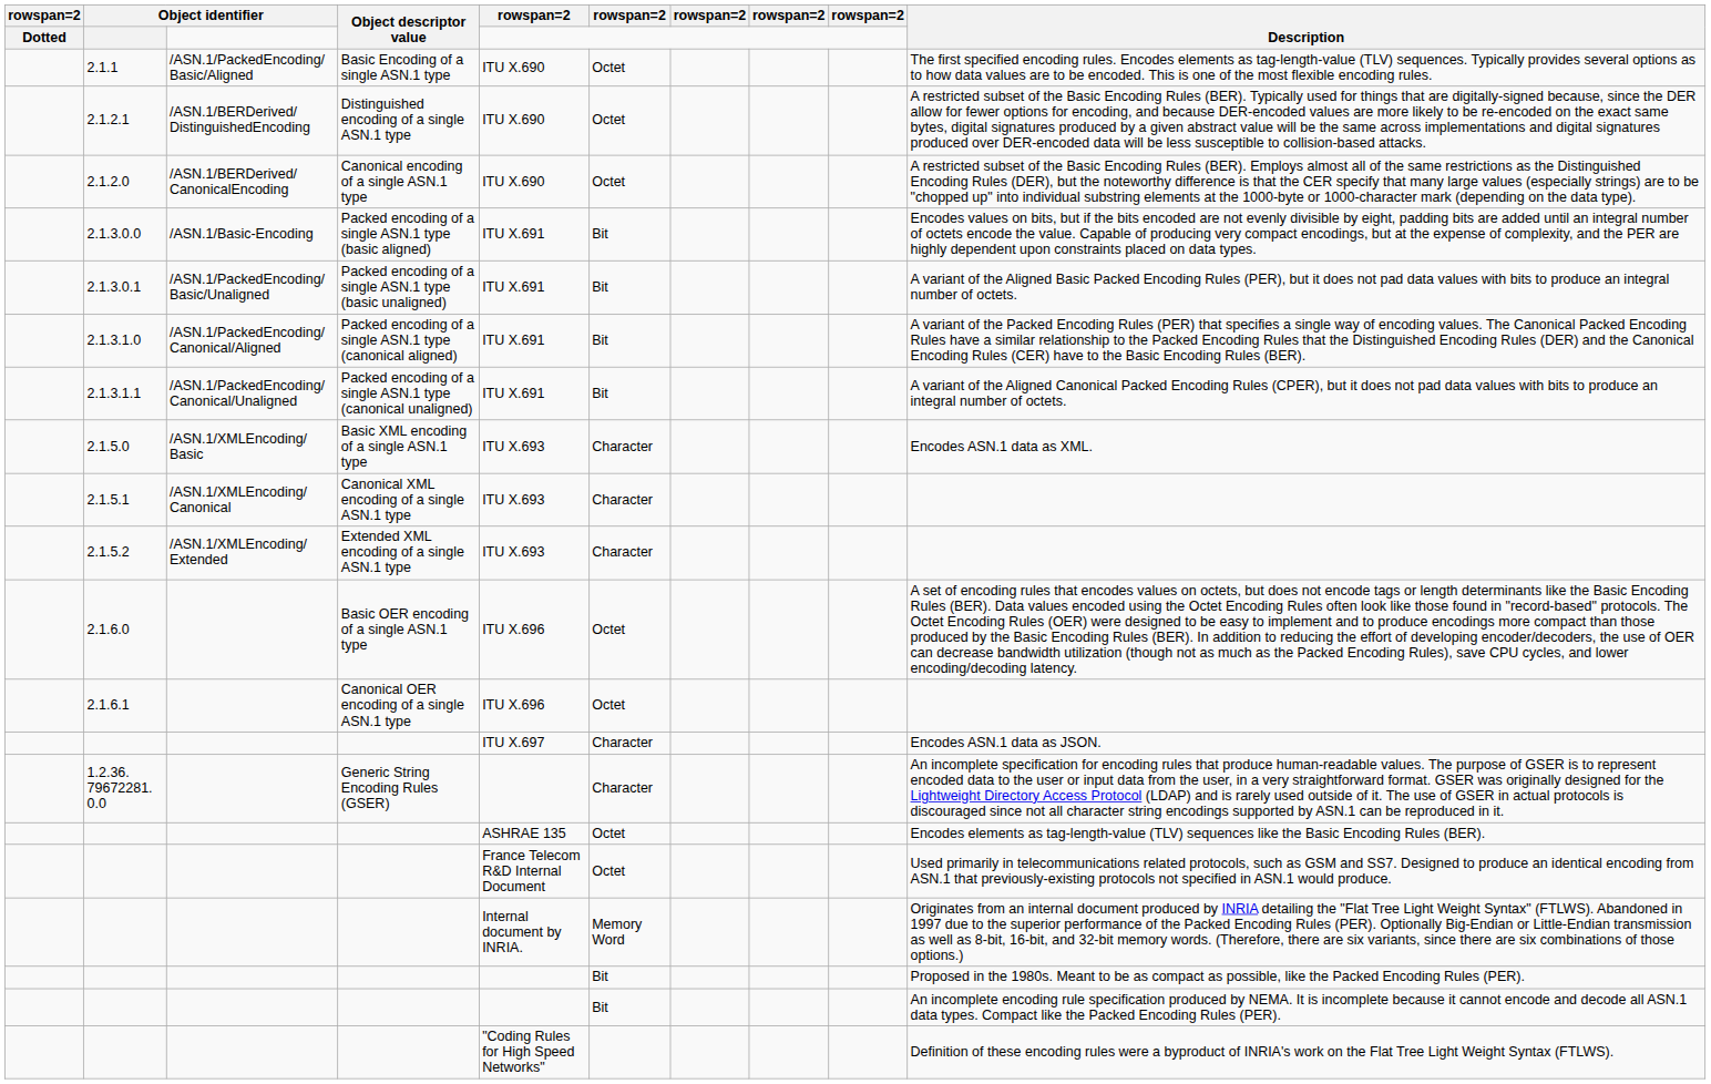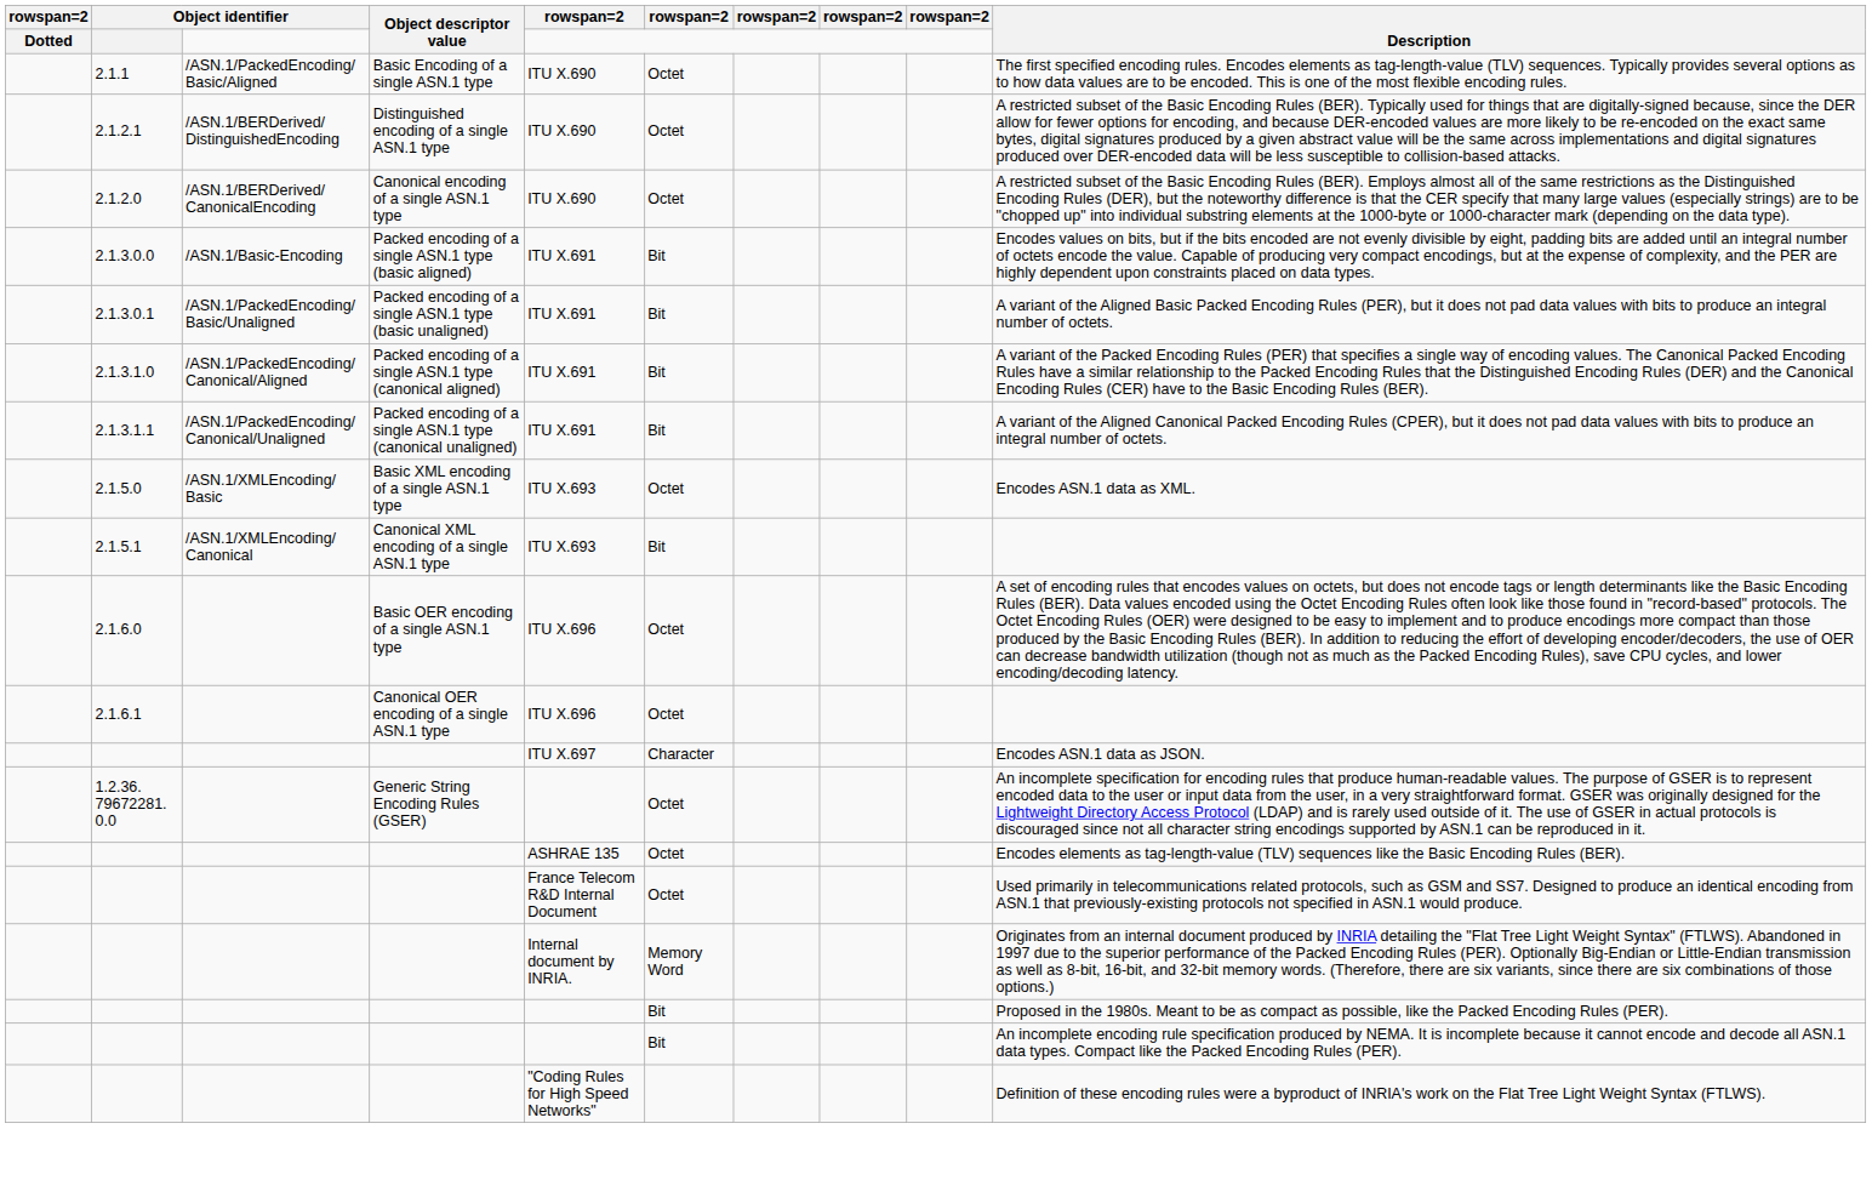 <table class="wikitable">
 <tr style="vertical-align:bottom;">
 <th>rowspan=2 </th>
 <th colspan=2>Object identifier</th>
 <th rowspan=2>Object descriptor value</th>
 <th>rowspan=2   </th>
 <th>rowspan=2   </th>
 <th>rowspan=2   </th>
 <th>rowspan=2   </th>
 <th>rowspan=2   </th>
 <th rowspan=2>Description</th>
 </tr>
 <tr style="vertical-align:bottom;">
 <th>Dotted</th>
 <th></th>
 </tr>
 <tr>
 <td></td>
 <td>2.1.1</td>
 <td>/ASN.1/<wbr>PackedEncoding/<wbr>Basic/Aligned</td>
 <td>Basic Encoding of a single ASN.1 type</td>
 <td>ITU X.690</td>
 <td>Octet</td>
 <td></td>
 <td></td>
 <td></td>
 <td>The first specified encoding rules. Encodes elements as tag-length-value (TLV) sequences. Typically provides several options as to how data values are to be encoded. This is one of the most flexible encoding rules.</td>
 </tr>
 <tr>
 <td></td>
 <td>2.1.2.1</td>
 <td>/ASN.1/BERDerived/<wbr>DistinguishedEncoding</td>
 <td>Distinguished encoding of a single ASN.1 type</td>
 <td>ITU X.690</td>
 <td>Octet</td>
 <td></td>
 <td></td>
 <td></td>
 <td>A restricted subset of the Basic Encoding Rules (BER). Typically used for things that are digitally-signed because, since the DER allow for fewer options for encoding, and because DER-encoded values are more likely to be re-encoded on the exact same bytes, digital signatures produced by a given abstract value will be the same across implementations and digital signatures produced over DER-encoded data will be less susceptible to collision-based attacks.</td>
 </tr>
 <tr>
 <td></td>
 <td>2.1.2.0</td>
 <td>/ASN.1/<wbr>BERDerived/<wbr>CanonicalEncoding</td>
 <td>Canonical encoding of a single ASN.1 type</td>
 <td>ITU X.690</td>
 <td>Octet</td>
 <td></td>
 <td></td>
 <td></td>
 <td>A restricted subset of the Basic Encoding Rules (BER). Employs almost all of the same restrictions as the Distinguished Encoding Rules (DER), but the noteworthy difference is that the CER specify that many large values (especially strings) are to be "chopped up" into individual substring elements at the 1000-byte or 1000-character mark (depending on the data type).</td>
 </tr>
 <tr>
 <td></td>
 <td>2.1.3.0.0</td>
 <td>/ASN.1/Basic-Encoding</td>
 <td>Packed encoding of a single ASN.1 type (basic aligned)</td>
 <td>ITU X.691</td>
 <td>Bit</td>
 <td></td>
 <td></td>
 <td></td>
 <td>Encodes values on bits, but if the bits encoded are not evenly divisible by eight, padding bits are added until an integral number of octets encode the value. Capable of producing very compact encodings, but at the expense of complexity, and the PER are highly dependent upon constraints placed on data types.</td>
 </tr>
 <tr>
 <td></td>
 <td>2.1.3.0.1</td>
 <td>/ASN.1/<wbr>PackedEncoding/<wbr>Basic/Unaligned</td>
 <td>Packed encoding of a single ASN.1 type (basic unaligned)</td>
 <td>ITU X.691</td>
 <td>Bit</td>
 <td></td>
 <td></td>
 <td></td>
 <td>A variant of the Aligned Basic Packed Encoding Rules (PER), but it does not pad data values with bits to produce an integral number of octets.</td>
 </tr>
 <tr>
 <td></td>
 <td>2.1.3.1.0</td>
 <td>/ASN.1/<wbr>PackedEncoding/<wbr>Canonical/Aligned</td>
 <td>Packed encoding of a single ASN.1 type (canonical aligned)</td>
 <td>ITU X.691</td>
 <td>Bit</td>
 <td></td>
 <td></td>
 <td></td>
 <td>A variant of the Packed Encoding Rules (PER) that specifies a single way of encoding values. The Canonical Packed Encoding Rules have a similar relationship to the Packed Encoding Rules that the Distinguished Encoding Rules (DER) and the Canonical Encoding Rules (CER) have to the Basic Encoding Rules (BER).</td>
 </tr>
 <tr>
 <td></td>
 <td>2.1.3.1.1</td>
 <td>/ASN.1/<wbr>PackedEncoding/<wbr>Canonical/Unaligned</td>
 <td>Packed encoding of a single ASN.1 type (canonical unaligned)</td>
 <td>ITU X.691</td>
 <td>Bit</td>
 <td></td>
 <td></td>
 <td></td>
 <td>A variant of the Aligned Canonical Packed Encoding Rules (CPER), but it does not pad data values with bits to produce an integral number of octets.</td>
 </tr>
 <tr>
 <td></td>
 <td>2.1.5.0</td>
 <td>/ASN.1/XMLEncoding/<wbr>Basic</td>
 <td>Basic XML encoding of a single ASN.1 type</td>
 <td>ITU X.693</td>
-<td>Character</td>
+<td>Octet</td>
 <td></td>
 <td></td>
 <td></td>
 <td>Encodes ASN.1 data as XML.</td>
 </tr>
 <tr>
 <td></td>
 <td>2.1.5.1</td>
 <td>/ASN.1/XMLEncoding/<wbr>Canonical</td>
 <td>Canonical XML encoding of a single ASN.1 type</td>
 <td>ITU X.693</td>
-<td>Character</td>
-<td></td>
-<td></td>
-<td></td>
-<td></td>
-</tr>
-<tr>
-<td></td>
-<td>2.1.5.2</td>
-<td>/ASN.1/XMLEncoding/<wbr>Extended</td>
-<td>Extended XML encoding of a single ASN.1 type</td>
-<td>ITU X.693</td>
-<td>Character</td>
+<td>Bit</td>
 <td></td>
 <td></td>
 <td></td>
 <td></td>
 </tr>
 <tr>
 <td></td>
 <td>2.1.6.0</td>
 <td></td>
 <td>Basic OER encoding of a single ASN.1 type</td>
 <td>ITU X.696</td>
 <td>Octet</td>
 <td></td>
 <td></td>
 <td></td>
 <td>A set of encoding rules that encodes values on octets, but does not encode tags or length determinants like the Basic Encoding Rules (BER). Data values encoded using the Octet Encoding Rules often look like those found in "record-based" protocols. The Octet Encoding Rules (OER) were designed to be easy to implement and to produce encodings more compact than those produced by the Basic Encoding Rules (BER). In addition to reducing the effort of developing encoder/decoders, the use of OER can decrease bandwidth utilization (though not as much as the Packed Encoding Rules), save CPU cycles, and lower encoding/decoding latency.</td>
 </tr>
 <tr>
 <td></td>
 <td>2.1.6.1</td>
 <td></td>
 <td>Canonical OER encoding of a single ASN.1 type</td>
 <td>ITU X.696</td>
 <td>Octet</td>
 <td></td>
 <td></td>
 <td></td>
 <td></td>
 </tr>
 <tr>
 <td></td>
 <td></td>
 <td></td>
 <td></td>
 <td>ITU X.697</td>
 <td>Character</td>
 <td></td>
 <td></td>
 <td></td>
 <td>Encodes ASN.1 data as JSON.</td>
 </tr>
 <tr>
 <td></td>
 <td>1.2.36.<wbr>79672281.<wbr>0.0</td>
 <td></td>
 <td>Generic String Encoding Rules (GSER)</td>
 <td></td>
-<td>Character</td>
+<td>Octet</td>
 <td></td>
 <td></td>
 <td></td>
 <td>An incomplete specification for encoding rules that produce human-readable values. The purpose of GSER is to represent encoded data to the user or input data from the user, in a very straightforward format. GSER was originally designed for the <a href='#'>Lightweight Directory Access Protocol</a> (LDAP) and is rarely used outside of it. The use of GSER in actual protocols is discouraged since not all character string encodings supported by ASN.1 can be reproduced in it.</td>
 </tr>
 <tr>
 <td></td>
 <td></td>
 <td></td>
 <td></td>
 <td>ASHRAE 135</td>
 <td>Octet</td>
 <td></td>
 <td></td>
 <td></td>
 <td>Encodes elements as tag-length-value (TLV) sequences like the Basic Encoding Rules (BER).</td>
 </tr>
 <tr>
 <td></td>
 <td></td>
 <td></td>
 <td></td>
 <td>France Telecom R&D Internal Document</td>
 <td>Octet</td>
 <td></td>
 <td></td>
 <td></td>
 <td>Used primarily in telecommunications related protocols, such as GSM and SS7. Designed to produce an identical encoding from ASN.1 that previously-existing protocols not specified in ASN.1 would produce.</td>
 </tr>
 <tr>
 <td></td>
 <td></td>
 <td></td>
 <td></td>
 <td>Internal document by INRIA.</td>
 <td>Memory Word</td>
 <td></td>
 <td></td>
 <td></td>
 <td>Originates from an internal document produced by <a href='#'>INRIA</a> detailing the "Flat Tree Light Weight Syntax" (FTLWS). Abandoned in 1997 due to the superior performance of the Packed Encoding Rules (PER). Optionally Big-Endian or Little-Endian transmission as well as 8-bit, 16-bit, and 32-bit memory words. (Therefore, there are six variants, since there are six combinations of those options.)</td>
 </tr>
 <tr>
 <td></td>
 <td></td>
 <td></td>
 <td></td>
 <td></td>
 <td>Bit</td>
 <td></td>
 <td></td>
 <td></td>
 <td>Proposed in the 1980s. Meant to be as compact as possible, like the Packed Encoding Rules (PER).</td>
 </tr>
 <tr>
 <td></td>
 <td></td>
 <td></td>
 <td></td>
 <td></td>
 <td>Bit</td>
 <td></td>
 <td></td>
 <td></td>
 <td>An incomplete encoding rule specification produced by NEMA. It is incomplete because it cannot encode and decode all ASN.1 data types. Compact like the Packed Encoding Rules (PER).</td>
 </tr>
 <tr>
 <td></td>
 <td></td>
 <td></td>
 <td></td>
 <td>"Coding Rules for High Speed Networks"</td>
 <td></td>
 <td></td>
 <td></td>
 <td></td>
 <td>Definition of these encoding rules were a byproduct of INRIA's work on the Flat Tree Light Weight Syntax (FTLWS).</td>
 </tr>
 </table>
